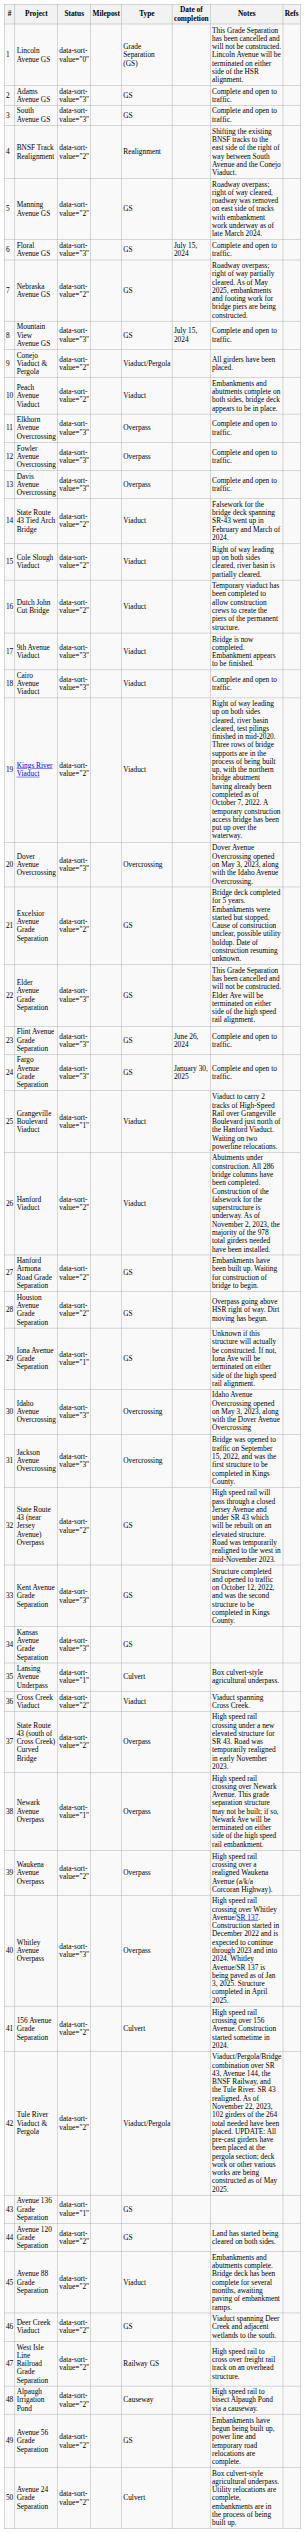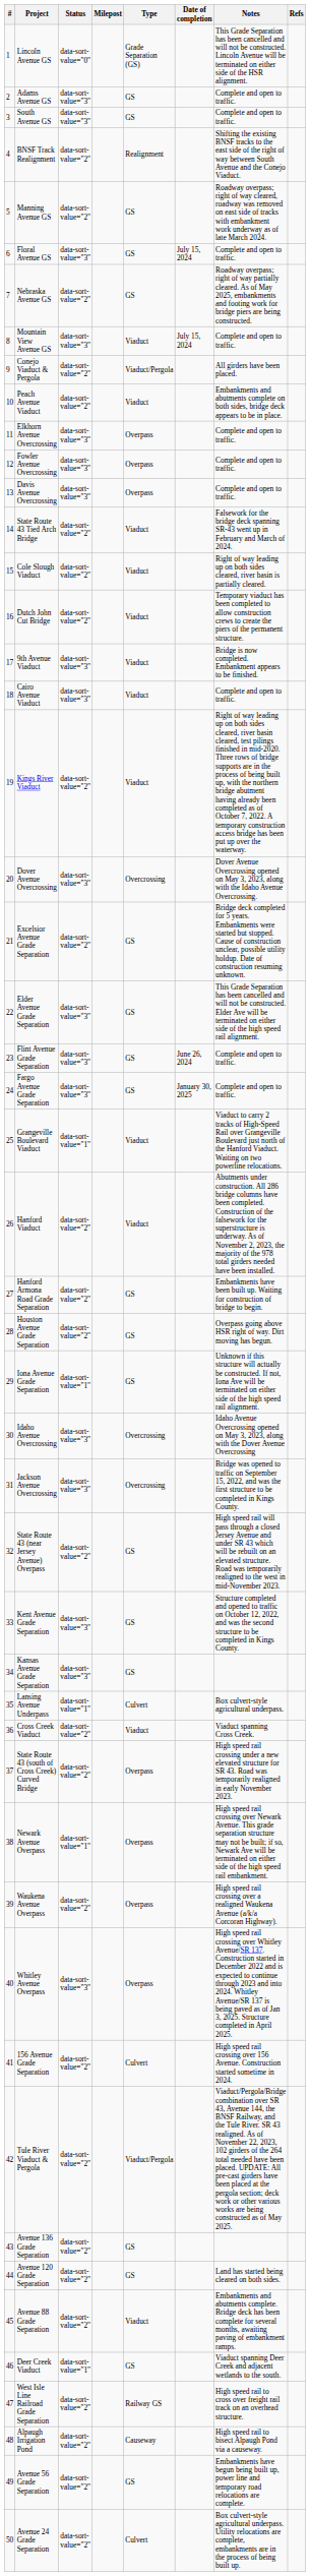 <table class="wikitable sortable">
 <tr>
 <th>#</th>
 <th>Project</th>
 <th>Status</th>
 <th>Milepost</th>
 <th>Type</th>
 <th>Date of completion</th>
 <th>Notes</th>
 <th>Refs</th>
 </tr>
 <tr>
 <td>1</td>
 <td>Lincoln Avenue GS</td>
 <td>data-sort-value="0" </td>
 <td></td>
 <td>Grade Separation (GS)</td>
 <td></td>
 <td>This Grade Separation has been cancelled and will not be constructed. Lincoln Avenue will be terminated on either side of the HSR alignment.</td>
 <td></td>
 </tr>
 <tr>
 <td>2</td>
 <td>Adams Avenue GS</td>
 <td>data-sort-value="3" </td>
 <td></td>
 <td>GS</td>
 <td></td>
 <td>Complete and open to traffic.</td>
 <td></td>
 </tr>
 <tr>
 <td>3</td>
 <td>South Avenue GS</td>
 <td>data-sort-value="3" </td>
 <td></td>
 <td>GS</td>
 <td></td>
 <td>Complete and open to traffic.</td>
 <td></td>
 </tr>
 <tr>
 <td>4</td>
 <td>BNSF Track Realignment</td>
 <td>data-sort-value="2" </td>
 <td></td>
 <td>Realignment</td>
 <td></td>
 <td>Shifting the existing BNSF tracks to the east side of the right of way between South Avenue and the Conejo Viaduct.</td>
 <td></td>
 </tr>
 <tr>
 <td>5</td>
 <td>Manning Avenue GS</td>
 <td>data-sort-value="2" </td>
 <td></td>
 <td>GS</td>
 <td></td>
 <td>Roadway overpass; right of way cleared, roadway was removed on east side of tracks with embankment work underway as of late March 2024.</td>
 <td></td>
 </tr>
 <tr>
 <td>6</td>
 <td>Floral Avenue GS</td>
 <td>data-sort-value="3" </td>
 <td></td>
 <td>GS</td>
 <td>July 15, 2024</td>
 <td>Complete and open to traffic.</td>
 <td></td>
 </tr>
 <tr>
 <td>7</td>
 <td>Nebraska Avenue GS</td>
 <td>data-sort-value="2" </td>
 <td></td>
 <td>GS</td>
 <td></td>
 <td>Roadway overpass; right of way partially cleared. As of May 2025, embankments and footing work for bridge piers are being constructed.</td>
 <td></td>
 </tr>
 <tr>
 <td>8</td>
 <td>Mountain View Avenue GS</td>
 <td>data-sort-value="3" </td>
 <td></td>
-<td>GS</td>
+<td>Viaduct</td>
 <td>July 15, 2024</td>
 <td>Complete and open to traffic.</td>
 <td></td>
 </tr>
 <tr>
 <td>9</td>
 <td>Conejo Viaduct & Pergola</td>
 <td>data-sort-value="2" </td>
 <td></td>
 <td>Viaduct/Pergola</td>
 <td></td>
 <td>All girders have been placed.</td>
 <td></td>
 </tr>
 <tr>
 <td>10</td>
 <td>Peach Avenue Viaduct</td>
 <td>data-sort-value="2" </td>
 <td></td>
 <td>Viaduct</td>
 <td></td>
 <td>Embankments and abutments complete on both sides, bridge deck appears to be in place.</td>
 <td></td>
 </tr>
 <tr>
 <td>11</td>
 <td>Elkhorn Avenue Overcrossing</td>
 <td>data-sort-value="3" </td>
 <td></td>
 <td>Overpass</td>
 <td></td>
 <td>Complete and open to traffic.</td>
 <td></td>
 </tr>
 <tr>
 <td>12</td>
 <td>Fowler Avenue Overcrossing</td>
 <td>data-sort-value="3" </td>
 <td></td>
 <td>Overpass</td>
 <td></td>
 <td>Complete and open to traffic.</td>
 <td></td>
 </tr>
 <tr>
 <td>13</td>
 <td>Davis Avenue Overcrossing</td>
 <td>data-sort-value="3" </td>
 <td></td>
 <td>Overpass</td>
 <td></td>
 <td>Complete and open to traffic.</td>
 <td></td>
 </tr>
 <tr>
 <td>14</td>
 <td>State Route 43 Tied Arch Bridge</td>
 <td>data-sort-value="2" </td>
 <td></td>
 <td>Viaduct</td>
 <td></td>
 <td>Falsework for the bridge deck spanning SR-43 went up in February and March of 2024.</td>
 <td></td>
 </tr>
 <tr>
 <td>15</td>
 <td>Cole Slough Viaduct</td>
 <td>data-sort-value="2" </td>
 <td></td>
 <td>Viaduct</td>
 <td></td>
 <td>Right of way leading up on both sides cleared, river basin is partially cleared.</td>
 <td></td>
 </tr>
 <tr>
 <td>16</td>
 <td>Dutch John Cut Bridge</td>
 <td>data-sort-value="2" </td>
 <td></td>
 <td>Viaduct</td>
 <td></td>
 <td>Temporary viaduct has been completed to allow construction crews to create the piers of the permanent structure.</td>
 <td></td>
 </tr>
 <tr>
 <td>17</td>
 <td>9th Avenue Viaduct</td>
 <td>data-sort-value="3" </td>
 <td></td>
 <td>Viaduct</td>
 <td></td>
 <td>Bridge is now completed. Embankment appears to be finished.</td>
 <td></td>
 </tr>
 <tr>
 <td>18</td>
 <td>Cairo Avenue Viaduct</td>
 <td>data-sort-value="3" </td>
 <td></td>
 <td>Viaduct</td>
 <td></td>
 <td>Complete and open to traffic.</td>
 <td></td>
 </tr>
 <tr>
 <td>19</td>
 <td><a href='#'>Kings River Viaduct</a></td>
 <td>data-sort-value="2" </td>
 <td></td>
 <td>Viaduct</td>
 <td></td>
 <td>Right of way leading up on both sides cleared, river basin cleared, test pilings finished in mid-2020. Three rows of bridge supports are in the process of being built up, with the northern bridge abutment having already been completed as of October 7, 2022. A temporary construction access bridge has been put up over the waterway.</td>
 <td></td>
 </tr>
 <tr>
 <td>20</td>
 <td>Dover Avenue Overcrossing</td>
 <td>data-sort-value="3" </td>
 <td></td>
 <td>Overcrossing</td>
 <td></td>
 <td>Dover Avenue Overcrossing opened on May 3, 2023, along with the Idaho Avenue Overcrossing.</td>
 <td></td>
 </tr>
 <tr>
 <td>21</td>
 <td>Excelsior Avenue Grade Separation</td>
 <td>data-sort-value="2" </td>
 <td></td>
 <td>GS</td>
 <td></td>
 <td>Bridge deck completed for 5 years. Embankments were started but stopped. Cause of construction unclear, possible utility holdup. Date of construction resuming unknown.</td>
 <td><br></td>
 </tr>
 <tr>
 <td>22</td>
 <td>Elder Avenue Grade Separation</td>
 <td>data-sort-value="3" </td>
 <td></td>
 <td>GS</td>
 <td></td>
 <td>This Grade Separation has been cancelled and will not be constructed. Elder Ave will be terminated on either side of the high speed rail alignment.</td>
 <td></td>
 </tr>
 <tr>
 <td>23</td>
 <td>Flint Avenue Grade Separation</td>
 <td>data-sort-value="3" </td>
 <td></td>
 <td>GS</td>
 <td>June 26, 2024</td>
 <td>Complete and open to traffic.</td>
 <td></td>
 </tr>
 <tr>
 <td>24</td>
 <td>Fargo Avenue Grade Separation</td>
 <td>data-sort-value="3" </td>
 <td></td>
 <td>GS</td>
 <td>January 30, 2025</td>
 <td>Complete and open to traffic.</td>
 <td></td>
 </tr>
 <tr>
 <td>25</td>
 <td>Grangeville Boulevard Viaduct</td>
 <td>data-sort-value="1" </td>
 <td></td>
 <td>Viaduct</td>
 <td></td>
 <td>Viaduct to carry 2 tracks of High-Speed Rail over Grangeville Boulevard just north of the Hanford Viaduct. Waiting on two powerline relocations.</td>
 <td></td>
 </tr>
 <tr>
 <td>26</td>
 <td>Hanford Viaduct</td>
 <td>data-sort-value="2" </td>
 <td></td>
 <td>Viaduct</td>
 <td></td>
 <td>Abutments under construction. All 286 bridge columns have been completed. Construction of the falsework for the superstructure is underway. As of November 2, 2023, the majority of the 978 total girders needed have been installed.</td>
 <td></td>
 </tr>
 <tr>
 <td>27</td>
 <td>Hanford Armona Road Grade Separation</td>
 <td>data-sort-value="2" </td>
 <td></td>
 <td>GS</td>
 <td></td>
 <td>Embankments have been built up. Waiting for construction of bridge to begin.</td>
 <td></td>
 </tr>
 <tr>
 <td>28</td>
 <td>Houston Avenue Grade Separation</td>
 <td>data-sort-value="2" </td>
 <td></td>
 <td><br>GS</td>
 <td></td>
 <td>Overpass going above HSR right of way. Dirt moving has begun.</td>
 <td></td>
 </tr>
 <tr>
 <td>29</td>
 <td>Iona Avenue Grade Separation</td>
 <td>data-sort-value="1" </td>
 <td></td>
 <td>GS</td>
 <td></td>
 <td>Unknown if this structure will actually be constructed. If not, Iona Ave will be terminated on either side of the high speed rail alignment.</td>
 <td></td>
 </tr>
 <tr>
 <td>30</td>
 <td>Idaho Avenue Overcrossing</td>
 <td>data-sort-value="3" </td>
 <td></td>
 <td>Overcrossing</td>
 <td></td>
 <td>Idaho Avenue Overcrossing opened on May 3, 2023, along with the Dover Avenue Overcrossing</td>
 <td></td>
 </tr>
 <tr>
 <td>31</td>
 <td>Jackson Avenue Overcrossing</td>
 <td>data-sort-value="3" </td>
 <td></td>
 <td>Overcrossing</td>
 <td></td>
 <td>Bridge was opened to traffic on September 15, 2022, and was the first structure to be completed in Kings County.</td>
 <td></td>
 </tr>
 <tr>
 <td>32</td>
 <td>State Route 43 (near Jersey Avenue) Overpass</td>
 <td>data-sort-value="2" </td>
 <td></td>
 <td>GS</td>
 <td></td>
 <td>High speed rail will pass through a closed Jersey Avenue and under SR 43 which will be rebuilt on an elevated structure. Road was temporarily realigned to the west in mid-November 2023.</td>
 <td></td>
 </tr>
 <tr>
 <td>33</td>
 <td>Kent Avenue Grade Separation</td>
 <td>data-sort-value="3" </td>
 <td></td>
 <td>GS</td>
 <td></td>
 <td>Structure completed and opened to traffic on October 12, 2022, and was the second structure to be completed in Kings County.</td>
 <td></td>
 </tr>
 <tr>
 <td>34</td>
 <td>Kansas Avenue Grade Separation</td>
 <td>data-sort-value="3" </td>
 <td></td>
 <td>GS</td>
 <td></td>
 <td></td>
 <td></td>
 </tr>
 <tr>
 <td>35</td>
 <td>Lansing Avenue Underpass</td>
 <td>data-sort-value="1" </td>
 <td></td>
 <td>Culvert</td>
 <td></td>
 <td>Box culvert-style agricultural underpass.</td>
 <td></td>
 </tr>
 <tr>
 <td>36</td>
 <td>Cross Creek Viaduct</td>
 <td>data-sort-value="2" </td>
 <td></td>
 <td>Viaduct</td>
 <td></td>
 <td>Viaduct spanning Cross Creek.</td>
 <td></td>
 </tr>
 <tr>
 <td>37</td>
 <td>State Route 43 (south of Cross Creek) Curved Bridge</td>
 <td>data-sort-value="2" </td>
 <td></td>
 <td>Overpass</td>
 <td></td>
 <td>High speed rail crossing under a new elevated structure for SR 43. Road was temporarily realigned in early November 2023.</td>
 <td></td>
 </tr>
 <tr>
 <td>38</td>
 <td>Newark Avenue Overpass</td>
 <td>data-sort-value="1" </td>
 <td></td>
 <td>Overpass</td>
 <td></td>
 <td>High speed rail crossing over Newark Avenue. This grade separation structure may not be built; if so, Newark Ave will be terminated on either side of the high speed rail embankment.</td>
 <td></td>
 </tr>
 <tr>
 <td>39</td>
 <td>Waukena Avenue Overpass</td>
 <td>data-sort-value="2" </td>
 <td></td>
 <td>Overpass</td>
 <td></td>
 <td>High speed rail crossing over a realigned Waukena Avenue (a/k/a Corcoran Highway).</td>
 <td></td>
 </tr>
 <tr>
 <td>40</td>
 <td>Whitley Avenue Overpass</td>
 <td>data-sort-value="3" </td>
 <td></td>
 <td>Overpass</td>
 <td></td>
 <td>High speed rail crossing over Whitley Avenue/<a href='#'>SR 137</a>. Construction started in December 2022 and is expected to continue through 2023 and into 2024. Whitley Avenue/SR 137 is being paved as of Jan 3, 2025. Structure completed in April 2025.</td>
 <td></td>
 </tr>
 <tr>
 <td>41</td>
 <td>156 Avenue Grade Separation</td>
 <td>data-sort-value="2" </td>
 <td></td>
 <td>Culvert</td>
 <td></td>
 <td>High speed rail crossing over 156 Avenue. Construction started sometime in 2024.</td>
 <td></td>
 </tr>
 <tr>
 <td>42</td>
 <td>Tule River Viaduct & Pergola</td>
 <td>data-sort-value="2" </td>
 <td></td>
 <td>Viaduct/Pergola</td>
 <td></td>
 <td>Viaduct/Pergola/Bridge combination over SR 43, Avenue 144, the BNSF Railway, and the Tule River. SR 43 realigned. As of November 22, 2023, 102 girders of the 264 total needed have been placed. UPDATE: All pre-cast girders have been placed at the pergola section; deck work or other various works are being constructed as of May 2025.</td>
 <td></td>
 </tr>
 <tr>
 <td>43</td>
 <td>Avenue 136 Grade Separation</td>
-<td>data-sort-value="1" </td>
+<td>data-sort-value="2" </td>
 <td></td>
 <td>GS</td>
 <td></td>
 <td></td>
 <td></td>
 </tr>
 <tr>
 <td>44</td>
 <td>Avenue 120 Grade Separation</td>
 <td>data-sort-value="2" </td>
 <td></td>
 <td>GS</td>
 <td></td>
 <td>Land has started being cleared on both sides.</td>
 <td></td>
 </tr>
 <tr>
 <td>45</td>
 <td>Avenue 88 Grade Separation</td>
 <td>data-sort-value="2" </td>
 <td></td>
 <td>Viaduct</td>
 <td></td>
 <td>Embankments and abutments complete.<br>Bridge deck has been complete for several months, awaiting paving of embankment ramps.</td>
 <td></td>
 </tr>
 <tr>
 <td>46</td>
 <td>Deer Creek Viaduct</td>
-<td>data-sort-value="2" </td>
+<td>data-sort-value="1" </td>
 <td></td>
 <td>GS</td>
 <td></td>
 <td>Viaduct spanning Deer Creek and adjacent wetlands to the south.</td>
 <td></td>
 </tr>
 <tr>
 <td>47</td>
 <td>West Isle Line Railroad Grade Separation</td>
 <td>data-sort-value="2" </td>
 <td></td>
 <td>Railway GS</td>
 <td></td>
 <td>High speed rail to cross over freight rail track on an overhead structure.</td>
 <td></td>
 </tr>
 <tr>
 <td>48</td>
 <td>Alpaugh Irrigation Pond</td>
 <td>data-sort-value="2" </td>
 <td></td>
 <td>Causeway</td>
 <td></td>
 <td>High speed rail to bisect Alpaugh Pond via a causeway.</td>
 <td></td>
 </tr>
 <tr>
 <td>49</td>
 <td>Avenue 56 Grade Separation</td>
 <td>data-sort-value="2" </td>
 <td></td>
 <td>GS</td>
 <td></td>
 <td>Embankments have begun being built up, power line and temporary road relocations are complete.</td>
 <td></td>
 </tr>
 <tr>
 <td>50</td>
 <td>Avenue 24 Grade Separation</td>
 <td>data-sort-value="2" </td>
 <td></td>
 <td>Culvert</td>
 <td></td>
 <td>Box culvert-style agricultural underpass. Utility relocations are complete, embankments are in the process of being built up.</td>
 <td></td>
 </tr>
 </table>
